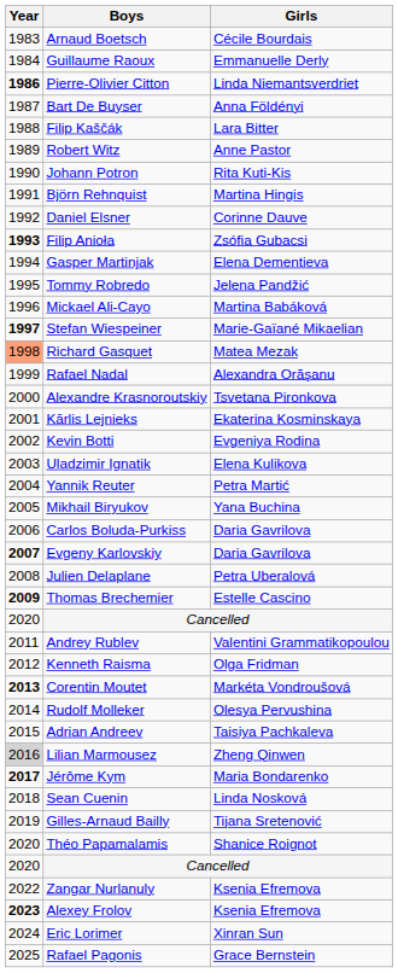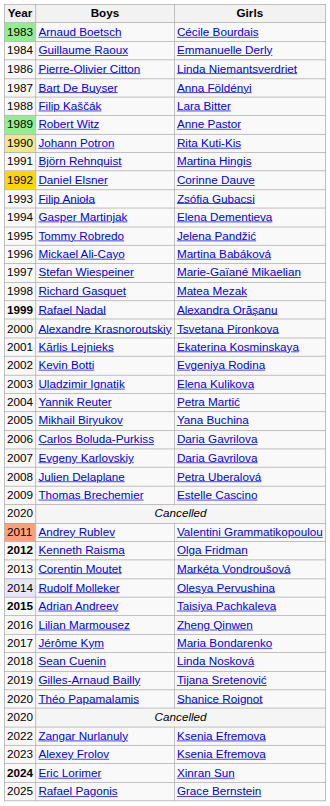 <table class="wikitable">
 <tr>
 <th scope="col">Year</th>
 <th scope="col">Boys</th>
 <th scope="col"><strong>Girls</strong></th>
 </tr>
 <tr>
-<td>1983</td>
+<td style="background: lightgreen;">1983</td>
 <td> <a href='#'>Arnaud Boetsch</a></td>
 <td> <a href='#'>Cécile Bourdais</a></td>
 </tr>
 <tr>
 <td>1984</td>
 <td> <a href='#'>Guillaume Raoux</a></td>
 <td> <a href='#'>Emmanuelle Derly</a></td>
 </tr>
 <tr>
-<td><strong>1986</strong></td>
+<td>1986</td>
 <td> <a href='#'>Pierre-Olivier Citton</a></td>
 <td> <a href='#'>Linda Niemantsverdriet</a></td>
 </tr>
 <tr>
 <td>1987</td>
 <td> <a href='#'>Bart De Buyser</a></td>
 <td> <a href='#'>Anna Földényi</a></td>
 </tr>
 <tr>
 <td>1988</td>
 <td> <a href='#'>Filip Kaščák</a></td>
 <td> <a href='#'>Lara Bitter</a></td>
 </tr>
 <tr>
-<td>1989</td>
+<td style="background: lightgreen;">1989</td>
 <td> <a href='#'>Robert Witz</a></td>
 <td> <a href='#'>Anne Pastor</a></td>
 </tr>
 <tr>
-<td>1990</td>
+<td style="background: khaki;">1990</td>
 <td> <a href='#'>Johann Potron</a></td>
 <td> <a href='#'>Rita Kuti-Kis</a></td>
 </tr>
 <tr>
 <td>1991</td>
 <td> <a href='#'>Björn Rehnquist</a></td>
 <td> <a href='#'>Martina Hingis</a></td>
 </tr>
 <tr>
-<td>1992</td>
+<td style="background: gold;">1992</td>
 <td> <a href='#'>Daniel Elsner</a></td>
 <td> <a href='#'>Corinne Dauve</a></td>
 </tr>
 <tr>
-<td><strong>1993</strong></td>
+<td>1993</td>
 <td> <a href='#'>Filip Anioła</a></td>
 <td> <a href='#'>Zsófia Gubacsi</a></td>
 </tr>
 <tr>
 <td>1994</td>
 <td> <a href='#'>Gasper Martinjak</a></td>
 <td> <a href='#'>Elena Dementieva</a></td>
 </tr>
 <tr>
 <td>1995</td>
 <td> <a href='#'>Tommy Robredo</a></td>
 <td> <a href='#'>Jelena Pandžić</a></td>
 </tr>
 <tr>
 <td>1996</td>
 <td> <a href='#'>Mickael Ali-Cayo</a></td>
 <td> <a href='#'>Martina Babáková</a></td>
 </tr>
 <tr>
-<td><strong>1997</strong></td>
+<td>1997</td>
 <td> <a href='#'>Stefan Wiespeiner</a></td>
 <td> <a href='#'>Marie-Gaïané Mikaelian</a></td>
 </tr>
 <tr>
-<td style="background: lightsalmon;">1998</td>
+<td>1998</td>
 <td> <a href='#'>Richard Gasquet</a></td>
 <td> <a href='#'>Matea Mezak</a></td>
 </tr>
 <tr>
-<td>1999</td>
+<td><strong>1999</strong></td>
 <td> <a href='#'>Rafael Nadal</a></td>
 <td> <a href='#'>Alexandra Orăşanu</a></td>
 </tr>
 <tr>
 <td>2000</td>
 <td> <a href='#'>Alexandre Krasnoroutskiy</a></td>
 <td> <a href='#'>Tsvetana Pironkova</a></td>
 </tr>
 <tr>
 <td>2001</td>
 <td> <a href='#'>Kārlis Lejnieks</a></td>
 <td> <a href='#'>Ekaterina Kosminskaya</a></td>
 </tr>
 <tr>
 <td>2002</td>
 <td> <a href='#'>Kevin Botti</a></td>
 <td> <a href='#'>Evgeniya Rodina</a></td>
 </tr>
 <tr>
 <td>2003</td>
 <td> <a href='#'>Uladzimir Ignatik</a></td>
 <td> <a href='#'>Elena Kulikova</a></td>
 </tr>
 <tr>
 <td>2004</td>
 <td> <a href='#'>Yannik Reuter</a></td>
 <td> <a href='#'>Petra Martić</a></td>
 </tr>
 <tr>
 <td>2005</td>
 <td> <a href='#'>Mikhail Biryukov</a></td>
 <td> <a href='#'>Yana Buchina</a></td>
 </tr>
 <tr>
 <td>2006</td>
 <td> <a href='#'>Carlos Boluda-Purkiss</a></td>
 <td> <a href='#'>Daria Gavrilova</a></td>
 </tr>
 <tr>
-<td><strong>2007</strong></td>
+<td>2007</td>
 <td> <a href='#'>Evgeny Karlovskiy</a></td>
 <td> <a href='#'>Daria Gavrilova</a></td>
 </tr>
 <tr>
 <td>2008</td>
 <td> <a href='#'>Julien Delaplane</a></td>
 <td> <a href='#'>Petra Uberalová</a></td>
 </tr>
 <tr>
-<td><strong>2009</strong></td>
+<td>2009</td>
 <td> <a href='#'>Thomas Brechemier</a></td>
 <td> <a href='#'>Estelle Cascino</a></td>
 </tr>
 <tr>
 <td>2020</td>
 <td bgcolor=f5f5f5 align=center colspan=3><em>Cancelled</em></td>
 </tr>
 <tr>
-<td>2011</td>
+<td style="background: lightsalmon;">2011</td>
 <td> <a href='#'>Andrey Rublev</a></td>
 <td> <a href='#'>Valentini Grammatikopoulou</a></td>
 </tr>
 <tr>
-<td>2012</td>
+<td><strong>2012</strong></td>
 <td> <a href='#'>Kenneth Raisma</a></td>
 <td> <a href='#'>Olga Fridman</a></td>
 </tr>
 <tr>
-<td><strong>2013</strong></td>
+<td>2013</td>
 <td> <a href='#'>Corentin Moutet</a></td>
 <td> <a href='#'>Markéta Vondroušová</a></td>
 </tr>
 <tr>
-<td>2014</td>
+<td style="background: lavender;">2014</td>
 <td> <a href='#'>Rudolf Molleker</a></td>
 <td> <a href='#'>Olesya Pervushina</a></td>
 </tr>
 <tr>
-<td>2015</td>
+<td><strong>2015</strong></td>
 <td> <a href='#'>Adrian Andreev</a></td>
 <td> <a href='#'>Taisiya Pachkaleva</a></td>
 </tr>
 <tr>
-<td style="background: lightgrey;">2016</td>
+<td>2016</td>
 <td> <a href='#'>Lilian Marmousez</a></td>
 <td> <a href='#'>Zheng Qinwen</a></td>
 </tr>
 <tr>
-<td><strong>2017</strong></td>
+<td>2017</td>
 <td> <a href='#'>Jérôme Kym</a></td>
 <td> <a href='#'>Maria Bondarenko</a></td>
 </tr>
 <tr>
 <td>2018</td>
 <td> <a href='#'>Sean Cuenin</a></td>
 <td> <a href='#'>Linda Nosková</a></td>
 </tr>
 <tr>
 <td>2019</td>
 <td> <a href='#'>Gilles-Arnaud Bailly</a></td>
 <td> <a href='#'>Tijana Sretenović</a></td>
 </tr>
 <tr>
 <td>2020</td>
 <td> <a href='#'>Théo Papamalamis</a></td>
 <td> <a href='#'>Shanice Roignot</a></td>
 </tr>
 <tr>
 <td>2020</td>
 <td bgcolor=f5f5f5 align=center colspan=3><em>Cancelled</em></td>
 </tr>
 <tr>
 <td>2022</td>
 <td> <a href='#'>Zangar Nurlanuly</a></td>
 <td> <a href='#'>Ksenia Efremova</a></td>
 </tr>
 <tr>
-<td><strong>2023</strong></td>
+<td>2023</td>
 <td> <a href='#'>Alexey Frolov</a></td>
 <td> <a href='#'>Ksenia Efremova</a></td>
 </tr>
 <tr>
-<td>2024</td>
+<td><strong>2024</strong></td>
 <td> <a href='#'>Eric Lorimer</a></td>
 <td> <a href='#'>Xinran Sun</a></td>
 </tr>
 <tr>
 <td>2025</td>
 <td> <a href='#'>Rafael Pagonis</a></td>
 <td> <a href='#'>Grace Bernstein</a></td>
 </tr>
 </table>
